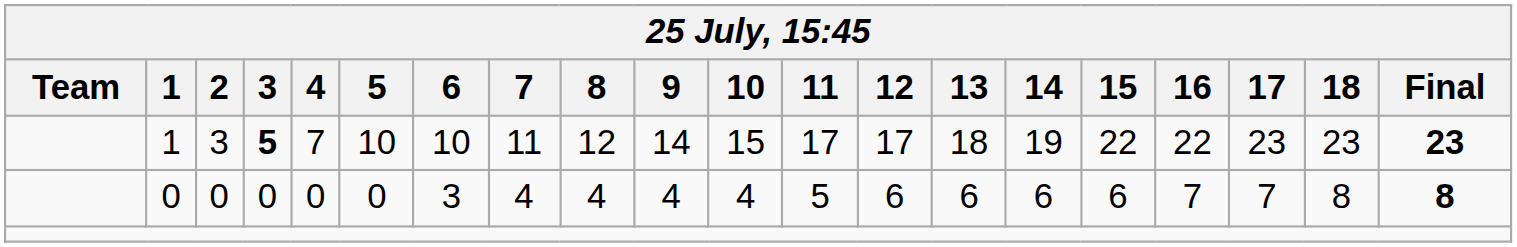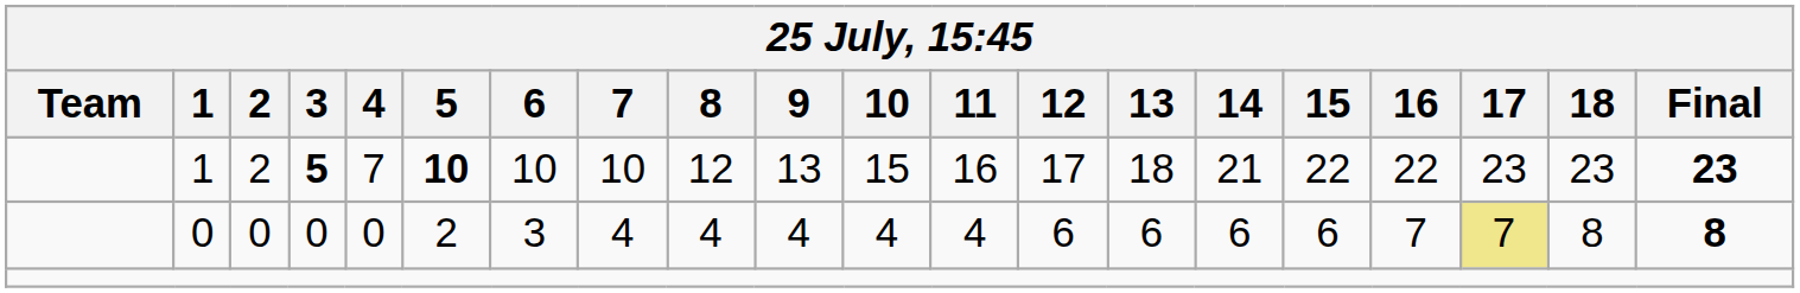 <table class=wikitable style="text-align:center; width: 55%">
 <tr>
 <th colspan=20><em>25 July, 15:45</em></th>
 </tr>
 <tr>
 <th>Team</th>
 <th>1</th>
 <th>2</th>
 <th>3</th>
 <th>4</th>
 <th>5</th>
 <th>6</th>
 <th>7</th>
 <th>8</th>
 <th>9</th>
 <th>10</th>
 <th>11</th>
 <th>12</th>
 <th>13</th>
 <th>14</th>
 <th>15</th>
 <th>16</th>
 <th>17</th>
 <th>18</th>
 <th>Final</th>
 </tr>
 <tr>
 <td align=left><strong></strong></td>
 <td>1</td>
-<td>3</td>
+<td>2</td>
 <td><strong>5</strong></td>
 <td>7</td>
+<td><strong>10</strong></td>
 <td>10</td>
 <td>10</td>
-<td>11</td>
 <td>12</td>
-<td>14</td>
+<td>13</td>
 <td>15</td>
-<td>17</td>
+<td>16</td>
 <td>17</td>
 <td>18</td>
-<td>19</td>
+<td>21</td>
 <td>22</td>
 <td>22</td>
 <td>23</td>
 <td>23</td>
 <td><strong>23</strong></td>
 </tr>
 <tr>
 <td align=left></td>
 <td>0</td>
 <td>0</td>
 <td>0</td>
 <td>0</td>
-<td>0</td>
+<td>2</td>
 <td>3</td>
 <td>4</td>
 <td>4</td>
 <td>4</td>
 <td>4</td>
-<td>5</td>
+<td>4</td>
 <td>6</td>
 <td>6</td>
 <td>6</td>
 <td>6</td>
 <td>7</td>
-<td>7</td>
+<td style="background: khaki;">7</td>
 <td>8</td>
 <td><strong>8</strong></td>
 </tr>
 <tr>
 <td colspan=20></td>
 </tr>
 </table>
